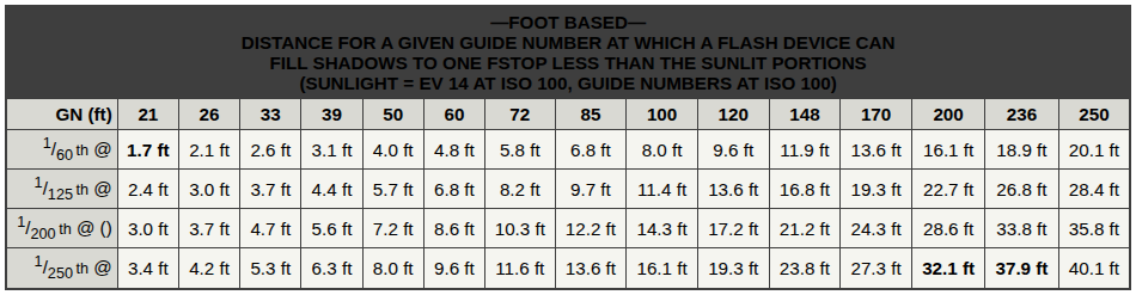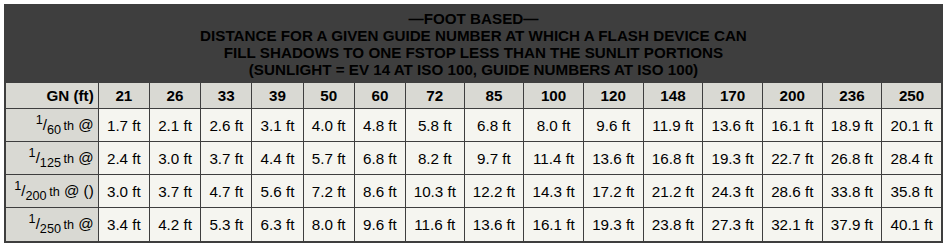 <table border="1" cellpadding="4" cellspacing="0" style="margin: 1em 1em 1em 0; background: #f5f5f0; border: 2px #3E3E3E solid; border-collapse: collapse; font-size: 95%;">
 <tr>
 <th colspan="16" style="background:#3E3E3E; text-align:center"><span>—FOOT BASED—<br>DISTANCE FOR A GIVEN GUIDE NUMBER AT WHICH A FLASH DEVICE CAN<br>FILL SHADOWS TO ONE FSTOP LESS THAN THE SUNLIT PORTIONS<br>(SUNLIGHT = EV 14 AT ISO 100, GUIDE NUMBERS AT ISO 100)</span></th>
 </tr>
 <tr>
 <td style="background:#d9d9d3; text-align:right"><strong>GN (ft)</strong></td>
 <td style="background:#d9d9d3; text-align:center"><strong>21</strong></td>
 <td style="background:#d9d9d3; text-align:center"><strong>26</strong></td>
 <td style="background:#d9d9d3; text-align:center"><strong>33</strong></td>
 <td style="background:#d9d9d3; text-align:center"><strong>39</strong></td>
 <td style="background:#d9d9d3; text-align:center"><strong>50</strong></td>
 <td style="background:#d9d9d3; text-align:center"><strong>60</strong></td>
 <td style="background:#d9d9d3; text-align:center"><strong>72</strong></td>
 <td style="background:#d9d9d3; text-align:center"><strong>85</strong></td>
 <td style="background:#d9d9d3; text-align:center"><strong>100</strong></td>
 <td style="background:#d9d9d3; text-align:center"><strong>120</strong></td>
 <td style="background:#d9d9d3; text-align:center"><strong>148</strong></td>
 <td style="background:#d9d9d3; text-align:center"><strong>170</strong></td>
 <td style="background:#d9d9d3; text-align:center"><strong>200</strong></td>
 <td style="background:#d9d9d3; text-align:center"><strong>236</strong></td>
 <td style="background:#d9d9d3; text-align:center"><strong>250</strong></td>
 </tr>
 <tr>
 <td style="background:#d9d9d3; text-align:right"><sup>1</sup>/<sub>60</sub><small> th</small> @ </td>
-<td style="text-align:center"><strong>1.7 ft</strong></td>
+<td style="text-align:center">1.7 ft</td>
 <td style="text-align:center">2.1 ft</td>
 <td style="text-align:center">2.6 ft</td>
 <td style="text-align:center">3.1 ft</td>
 <td style="text-align:center">4.0 ft</td>
 <td style="text-align:center">4.8 ft</td>
 <td style="text-align:center">5.8 ft</td>
 <td style="text-align:center">6.8 ft</td>
 <td style="text-align:center">8.0 ft</td>
 <td style="text-align:center">9.6 ft</td>
 <td style="text-align:center">11.9 ft</td>
 <td style="text-align:center">13.6 ft</td>
 <td style="text-align:center">16.1 ft</td>
 <td style="text-align:center">18.9 ft</td>
 <td style="text-align:center">20.1 ft</td>
 </tr>
 <tr>
 <td style="background:#d9d9d3; text-align:right"><sup>1</sup>/<sub>125</sub><small> th</small> @ </td>
 <td style="text-align:center">2.4 ft</td>
 <td style="text-align:center">3.0 ft</td>
 <td style="text-align:center">3.7 ft</td>
 <td style="text-align:center">4.4 ft</td>
 <td style="text-align:center">5.7 ft</td>
 <td style="text-align:center">6.8 ft</td>
 <td style="text-align:center">8.2 ft</td>
 <td style="text-align:center">9.7 ft</td>
 <td style="text-align:center">11.4 ft</td>
 <td style="text-align:center">13.6 ft</td>
 <td style="text-align:center">16.8 ft</td>
 <td style="text-align:center">19.3 ft</td>
 <td style="text-align:center">22.7 ft</td>
 <td style="text-align:center">26.8 ft</td>
 <td style="text-align:center">28.4 ft</td>
 </tr>
 <tr>
 <td style="background:#d9d9d3; text-align:right"> <sup>1</sup>/<sub>200</sub><small> th</small> @  ()</td>
 <td style="text-align:center">3.0 ft</td>
 <td style="text-align:center">3.7 ft</td>
 <td style="text-align:center">4.7 ft</td>
 <td style="text-align:center">5.6 ft</td>
 <td style="text-align:center">7.2 ft</td>
 <td style="text-align:center">8.6 ft</td>
 <td style="text-align:center">10.3 ft</td>
 <td style="text-align:center">12.2 ft</td>
 <td style="text-align:center">14.3 ft</td>
 <td style="text-align:center">17.2 ft</td>
 <td style="text-align:center">21.2 ft</td>
 <td style="text-align:center">24.3 ft</td>
 <td style="text-align:center">28.6 ft</td>
 <td style="text-align:center">33.8 ft</td>
 <td style="text-align:center">35.8 ft</td>
 </tr>
 <tr>
 <td style="background:#d9d9d3; text-align:right"><sup>1</sup>/<sub>250</sub><small> th</small> @ </td>
 <td style="text-align:center"> 3.4 ft </td>
 <td style="text-align:center"> 4.2 ft </td>
 <td style="text-align:center"> 5.3 ft </td>
 <td style="text-align:center"> 6.3 ft </td>
 <td style="text-align:center"> 8.0 ft </td>
 <td style="text-align:center"> 9.6 ft </td>
 <td style="text-align:center"> 11.6 ft </td>
 <td style="text-align:center"> 13.6 ft </td>
 <td style="text-align:center"> 16.1 ft </td>
 <td style="text-align:center"> 19.3 ft </td>
 <td style="text-align:center"> 23.8 ft </td>
 <td style="text-align:center"> 27.3 ft </td>
-<td style="text-align:center"><strong> 32.1 ft </strong></td>
-<td style="text-align:center"><strong> 37.9 ft </strong></td>
+<td style="text-align:center"> 32.1 ft </td>
+<td style="text-align:center"> 37.9 ft </td>
 <td style="text-align:center"> 40.1 ft </td>
 </tr>
 </table>
